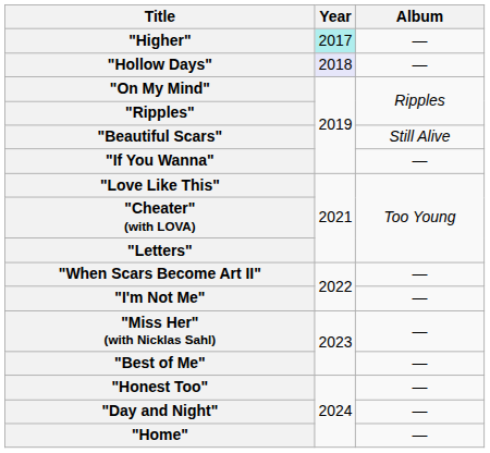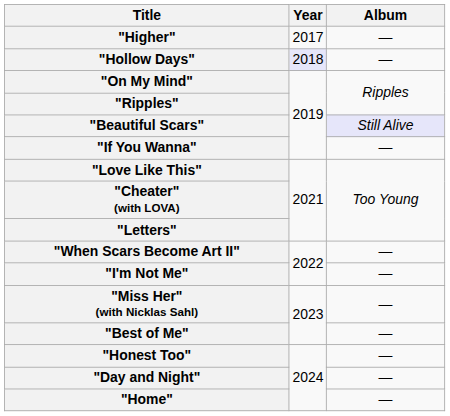 <table class="wikitable plainrowheaders" style="text-align:center;">
 <tr>
 <th scope="col" style="width:20em;">Title</th>
 <th scope="col" style="width:1em;">Year</th>
 <th scope="col" style="width:8em;">Album</th>
 </tr>
 <tr>
 <th scope="row">"Higher"</th>
-<td style="background: paleturquoise;">2017</td>
+<td>2017</td>
 <td><em>—</em></td>
 </tr>
 <tr>
 <th scope="row">"Hollow Days"</th>
 <td style="background: lavender;">2018</td>
 <td><em>—</em></td>
 </tr>
 <tr>
 <th scope="row">"On My Mind"</th>
 <td rowspan="4">2019</td>
 <td rowspan="2"><em>Ripples</em></td>
 </tr>
 <tr>
 <th scope="row">"Ripples"</th>
 </tr>
 <tr>
 <th scope="row">"Beautiful Scars"</th>
-<td><em>Still Alive</em></td>
+<td style="background: lavender;"><em>Still Alive</em></td>
 </tr>
 <tr>
 <th scope="row">"If You Wanna"</th>
 <td><em>—</em></td>
 </tr>
 <tr>
 <th scope="row">"Love Like This"</th>
 <td rowspan="3">2021</td>
 <td rowspan="3"><em>Too Young</em></td>
 </tr>
 <tr>
 <th scope="row">"Cheater"<br><small>(with LOVA)</small></th>
 </tr>
 <tr>
 <th scope="row">"Letters"</th>
 </tr>
 <tr>
 <th scope="row">"When Scars Become Art II"</th>
 <td rowspan="2">2022</td>
 <td><em>—</em></td>
 </tr>
 <tr>
 <th scope="row">"I'm Not Me"</th>
 <td><em>—</em></td>
 </tr>
 <tr>
 <th scope="row">"Miss Her"<br><small>(with Nicklas Sahl)</small></th>
 <td rowspan="2">2023</td>
 <td><em>—</em></td>
 </tr>
 <tr>
 <th scope="row">"Best of Me"</th>
 <td><em>—</em></td>
 </tr>
 <tr>
 <th scope="row">"Honest Too"</th>
 <td rowspan="3">2024</td>
 <td><em>—</em></td>
 </tr>
 <tr>
 <th scope="row">"Day and Night"</th>
 <td><em>—</em></td>
 </tr>
 <tr>
 <th scope="row">"Home"</th>
 <td><em>—</em></td>
 </tr>
 </table>
